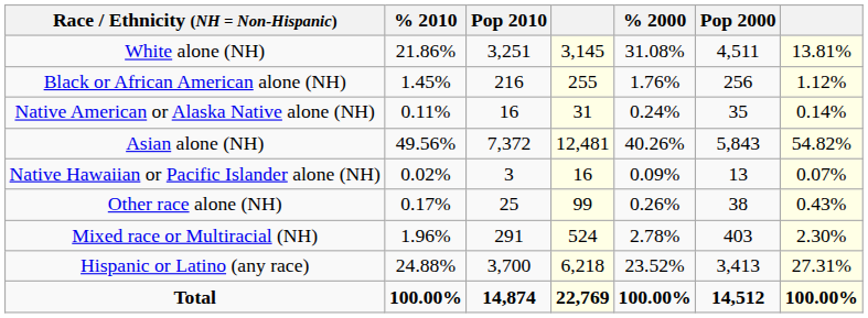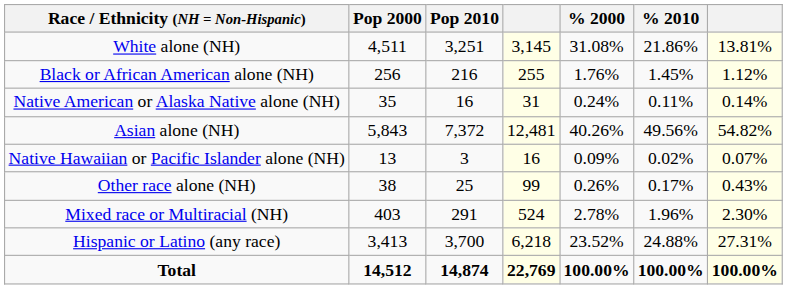 <table class="wikitable" style="text-align:center;">
 <tr>
 <th>Race / Ethnicity <small>(<em>NH = Non-Hispanic</em>)</small></th>
-<th>% 2010</th>
+<th>Pop 2000</th>
 <th>Pop 2010</th>
 <th></th>
 <th>% 2000</th>
-<th>Pop 2000</th>
+<th>% 2010</th>
 <th></th>
 </tr>
 <tr>
 <td><a href='#'>White</a> alone (NH)</td>
-<td>21.86%</td>
+<td>4,511</td>
 <td>3,251</td>
 <td style='background: #ffffe6;'>3,145</td>
 <td>31.08%</td>
-<td>4,511</td>
+<td>21.86%</td>
 <td style='background: #ffffe6;'>13.81%</td>
 </tr>
 <tr>
 <td><a href='#'>Black or African American</a> alone (NH)</td>
-<td>1.45%</td>
+<td>256</td>
 <td>216</td>
 <td style='background: #ffffe6;'>255</td>
 <td>1.76%</td>
-<td>256</td>
+<td>1.45%</td>
 <td style='background: #ffffe6;'>1.12%</td>
 </tr>
 <tr>
 <td><a href='#'>Native American</a> or <a href='#'>Alaska Native</a> alone (NH)</td>
-<td>0.11%</td>
+<td>35</td>
 <td>16</td>
 <td style='background: #ffffe6;'>31</td>
 <td>0.24%</td>
-<td>35</td>
+<td>0.11%</td>
 <td style='background: #ffffe6;'>0.14%</td>
 </tr>
 <tr>
 <td><a href='#'>Asian</a> alone (NH)</td>
-<td>49.56%</td>
+<td>5,843</td>
 <td>7,372</td>
 <td style='background: #ffffe6;'>12,481</td>
 <td>40.26%</td>
-<td>5,843</td>
+<td>49.56%</td>
 <td style='background: #ffffe6;'>54.82%</td>
 </tr>
 <tr>
 <td><a href='#'>Native Hawaiian</a> or <a href='#'>Pacific Islander</a> alone (NH)</td>
-<td>0.02%</td>
+<td>13</td>
 <td>3</td>
 <td style='background: #ffffe6;'>16</td>
 <td>0.09%</td>
-<td>13</td>
+<td>0.02%</td>
 <td style='background: #ffffe6;'>0.07%</td>
 </tr>
 <tr>
 <td><a href='#'>Other race</a> alone (NH)</td>
-<td>0.17%</td>
+<td>38</td>
 <td>25</td>
 <td style='background: #ffffe6;'>99</td>
 <td>0.26%</td>
-<td>38</td>
+<td>0.17%</td>
 <td style='background: #ffffe6;'>0.43%</td>
 </tr>
 <tr>
 <td><a href='#'>Mixed race or Multiracial</a> (NH)</td>
-<td>1.96%</td>
+<td>403</td>
 <td>291</td>
 <td style='background: #ffffe6;'>524</td>
 <td>2.78%</td>
-<td>403</td>
+<td>1.96%</td>
 <td style='background: #ffffe6;'>2.30%</td>
 </tr>
 <tr>
 <td><a href='#'>Hispanic or Latino</a> (any race)</td>
-<td>24.88%</td>
+<td>3,413</td>
 <td>3,700</td>
 <td style='background: #ffffe6;'>6,218</td>
 <td>23.52%</td>
-<td>3,413</td>
+<td>24.88%</td>
 <td style='background: #ffffe6;'>27.31%</td>
 </tr>
 <tr>
 <td><strong>Total</strong></td>
-<td><strong>100.00%</strong></td>
+<td><strong>14,512</strong></td>
 <td><strong>14,874</strong></td>
 <td style='background: #ffffe6;'><strong>22,769</strong></td>
 <td><strong>100.00%</strong></td>
-<td><strong>14,512</strong></td>
+<td><strong>100.00%</strong></td>
 <td style='background: #ffffe6;'><strong>100.00%</strong></td>
 </tr>
 </table>
